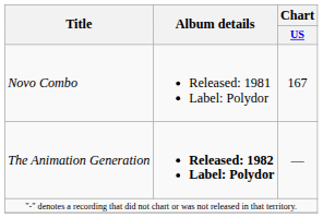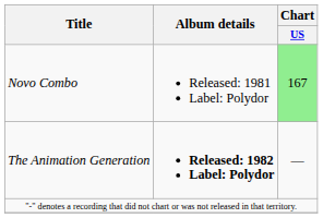 <table Class = "wikitable">
 <tr>
 <th rowspan = "2">Title</th>
 <th rowspan = "2">Album details</th>
 <th colspan = "1">Chart</th>
 </tr>
 <tr Style = "font-size: smaller;">
 <th><a href='#'>US</a></th>
 </tr>
 <tr>
 <td rowspan="1"><em>Novo Combo</em></td>
 <td><br><ul><li>Released: 1981</li><li>Label: Polydor</li></ul></td>
-<td align = "center">167</td>
+<td align = "center" style="background: lightgreen;">167</td>
 </tr>
 <tr>
 <td rowspan="1"><em>The Animation Generation</em></td>
 <td><strong><br><ul><li>Released: 1982</li><li>Label: Polydor</li></ul></strong></td>
 <td align = "center">—</td>
 </tr>
 <tr>
 <td align = "center" colspan = "16" style = "font-size: 8pt">"-" denotes a recording that did not chart or was not released in that territory.</td>
 </tr>
 <tr>
 </tr>
 </table>
